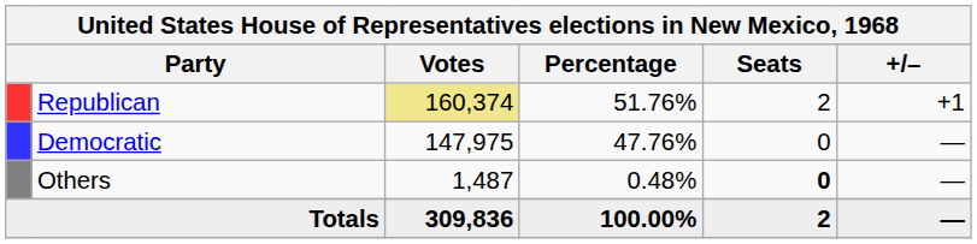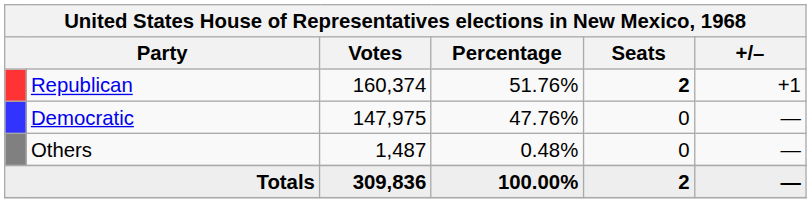 <table class="wikitable" style="font-size: 95%;">
 <tr>
 <th colspan="6">United States House of Representatives elections in New Mexico, 1968</th>
 </tr>
 <tr>
 <th colspan=2 style="width: 15em">Party</th>
 <th style="width: 5em">Votes</th>
 <th style="width: 7em">Percentage</th>
 <th style="width: 5em">Seats</th>
 <th style="width: 5em">+/–</th>
 </tr>
 <tr>
 <th style="background-color:#FF3333; width: 3px"></th>
 <td style="width: 130px"><a href='#'>Republican</a></td>
-<td align="right" style="background: khaki;">160,374</td>
+<td align="right">160,374</td>
 <td align="right">51.76%</td>
-<td align="right">2</td>
+<td align="right"><strong>2</strong></td>
 <td align="right">+1</td>
 </tr>
 <tr>
 <th style="background-color:#3333FF; width: 3px"></th>
 <td style="width: 130px"><a href='#'>Democratic</a></td>
 <td align="right">147,975</td>
 <td align="right">47.76%</td>
 <td align="right">0</td>
 <td align="right">—</td>
 </tr>
 <tr>
 <th style="background-color:#808080; width: 3px"></th>
 <td style="width: 130px">Others</td>
 <td align="right">1,487</td>
 <td align="right">0.48%</td>
-<td align="right"><strong>0</strong></td>
+<td align="right">0</td>
 <td align="right">—</td>
 </tr>
 <tr>
 </tr>
 <tr bgcolor="#EEEEEE">
 <td colspan="2" align="right"><strong>Totals</strong></td>
 <td align="right"><strong>309,836</strong></td>
 <td align="right"><strong>100.00%</strong></td>
 <td align="right"><strong>2</strong></td>
 <td align="right"><strong>—</strong></td>
 </tr>
 <tr bgcolor="#EEEEEE">
 </tr>
 </table>
